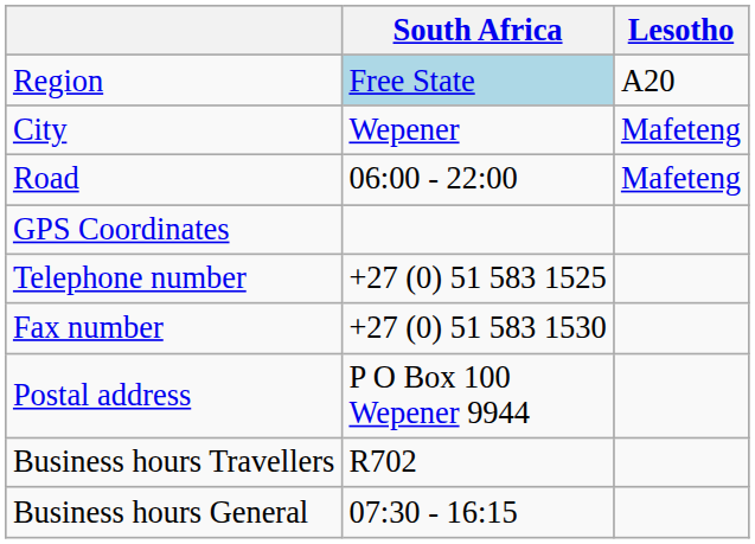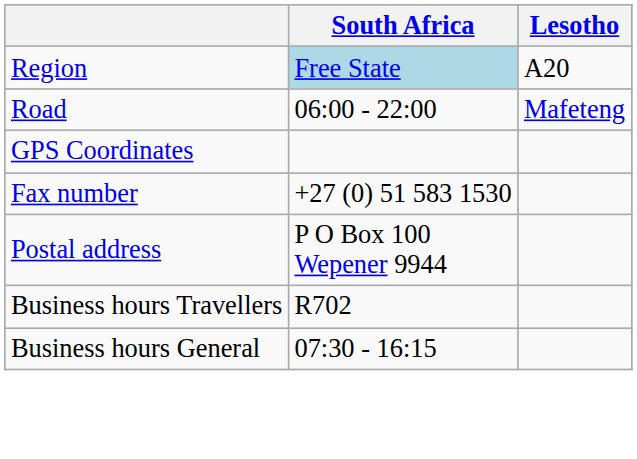 <table class="wikitable sortable">
 <tr>
 <th></th>
 <th><a href='#'>South Africa</a></th>
 <th><a href='#'>Lesotho</a></th>
 </tr>
 <tr>
 <td><a href='#'>Region</a></td>
 <td style="background: lightblue;"><a href='#'>Free State</a></td>
 <td>A20</td>
 </tr>
 <tr>
-<td><a href='#'>City</a></td>
-<td><a href='#'>Wepener</a></td>
-<td><a href='#'>Mafeteng</a></td>
-</tr>
-<tr>
 <td><a href='#'>Road</a></td>
 <td>06:00 - 22:00</td>
 <td><a href='#'>Mafeteng</a></td>
 </tr>
 <tr>
 <td><a href='#'>GPS Coordinates</a></td>
 <td></td>
-<td></td>
-</tr>
-<tr>
-<td><a href='#'>Telephone number</a></td>
-<td>+27 (0) 51 583 1525</td>
 <td></td>
 </tr>
 <tr>
 <td><a href='#'>Fax number</a></td>
 <td>+27 (0) 51 583 1530</td>
 <td></td>
 </tr>
 <tr>
 <td><a href='#'>Postal address</a></td>
 <td>P O Box 100<br><a href='#'>Wepener</a> 9944</td>
 <td></td>
 </tr>
 <tr>
 <td>Business hours Travellers</td>
 <td>R702</td>
 <td></td>
 </tr>
 <tr>
 <td>Business hours General</td>
 <td>07:30 - 16:15</td>
 <td></td>
 </tr>
 </table>
